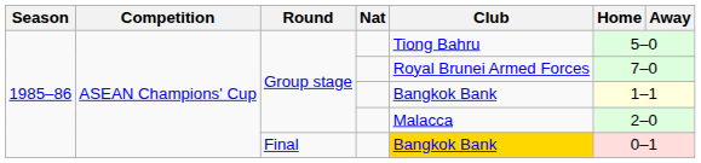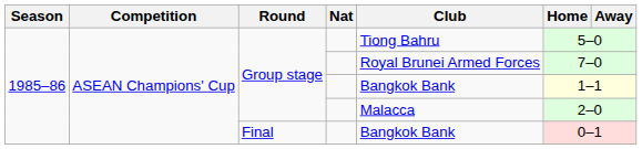 <table class="wikitable">
 <tr>
 <th>Season</th>
 <th>Competition</th>
 <th>Round</th>
 <th>Nat</th>
 <th>Club</th>
 <th>Home</th>
 <th>Away</th>
 </tr>
 <tr>
 <td rowspan="5"><a href='#'>1985–86</a></td>
 <td rowspan="5"><a href='#'>ASEAN Champions' Cup</a></td>
 <td rowspan="4"><a href='#'>Group stage</a></td>
 <td></td>
 <td><a href='#'>Tiong Bahru</a></td>
 <td colspan="2" style="text-align:center; background:#dfd;">5–0</td>
 </tr>
 <tr>
 <td></td>
 <td><a href='#'>Royal Brunei Armed Forces</a></td>
 <td colspan="2" style="text-align:center; background:#dfd;">7–0</td>
 </tr>
 <tr>
 <td></td>
 <td><a href='#'>Bangkok Bank</a></td>
 <td colspan="2" style="text-align:center; background:#ffd;">1–1</td>
 </tr>
 <tr>
 <td></td>
 <td><a href='#'>Malacca</a></td>
 <td colspan="2" style="text-align:center; background:#dfd;">2–0</td>
 </tr>
 <tr>
 <td><a href='#'>Final</a></td>
 <td></td>
-<td style="background: gold;"><a href='#'>Bangkok Bank</a></td>
+<td><a href='#'>Bangkok Bank</a></td>
 <td colspan="2" style="text-align:center; background:#fdd;">0–1</td>
 </tr>
 </table>
